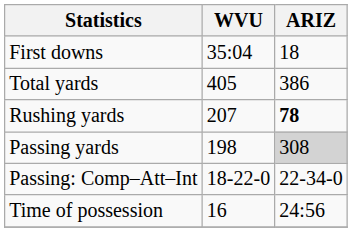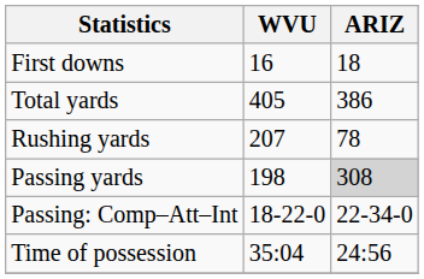 <table class="wikitable" style="float: left;">
 <tr>
 <th>Statistics</th>
 <th>WVU</th>
 <th>ARIZ</th>
 </tr>
 <tr>
 <td>First downs</td>
-<td>35:04</td>
+<td>16</td>
 <td>18</td>
 </tr>
 <tr>
 <td>Total yards</td>
 <td>405</td>
 <td>386</td>
 </tr>
 <tr>
 <td>Rushing yards</td>
 <td>207</td>
-<td><strong>78</strong></td>
+<td>78</td>
 </tr>
 <tr>
 <td>Passing yards</td>
 <td>198</td>
 <td style="background: lightgrey;">308</td>
 </tr>
 <tr>
 <td>Passing: Comp–Att–Int</td>
 <td>18-22-0</td>
 <td>22-34-0</td>
 </tr>
 <tr>
 <td>Time of possession</td>
-<td>16</td>
+<td>35:04</td>
 <td>24:56</td>
 </tr>
 <tr>
 </tr>
 </table>
